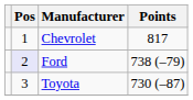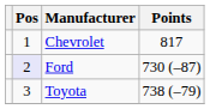 <table class="wikitable" style="font-size: 95%">
 <tr>
 <th></th>
 <th>Pos</th>
 <th>Manufacturer</th>
 <th>Points</th>
 </tr>
 <tr>
 <td align="left"></td>
 <td style="text-align:center;">1</td>
 <td><a href='#'>Chevrolet</a></td>
 <td style="text-align:center;">817</td>
 </tr>
 <tr>
 <td align="left"></td>
 <td style="background: lavender; text-align:center;">2</td>
 <td><a href='#'>Ford</a></td>
-<td style="text-align:center;">738 (–79)</td>
+<td style="text-align:center;">730 (–87)</td>
 </tr>
 <tr>
 <td align="left"></td>
 <td style="text-align:center;">3</td>
 <td><a href='#'>Toyota</a></td>
-<td style="text-align:center;">730 (–87)</td>
+<td style="text-align:center;">738 (–79)</td>
 </tr>
 <tr class="sortbottom">
 </tr>
 </table>
